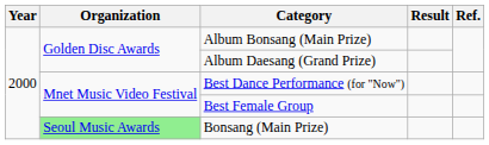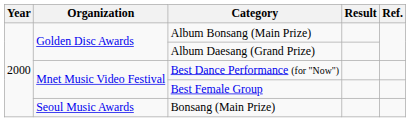 <table class="wikitable">
 <tr>
 <th>Year</th>
 <th>Organization</th>
 <th>Category</th>
 <th>Result</th>
 <th>Ref.</th>
 </tr>
 <tr>
 <td rowspan="5">2000</td>
 <td rowspan="2"><a href='#'>Golden Disc Awards</a></td>
 <td>Album Bonsang (Main Prize)</td>
 <td></td>
 <td rowspan="2" style="text-align:center"></td>
 </tr>
 <tr>
 <td>Album Daesang (Grand Prize)</td>
 <td></td>
 </tr>
 <tr>
 <td rowspan="2"><a href='#'>Mnet Music Video Festival</a></td>
 <td><a href='#'>Best Dance Performance</a> <small>(for "Now")</small></td>
 <td></td>
 <td></td>
 </tr>
 <tr>
 <td><a href='#'>Best Female Group</a></td>
 <td></td>
 <td style="text-align:center"></td>
 </tr>
 <tr>
-<td style="background: lightgreen;"><a href='#'>Seoul Music Awards</a></td>
+<td><a href='#'>Seoul Music Awards</a></td>
 <td>Bonsang (Main Prize)</td>
 <td></td>
 <td style="text-align:center"></td>
 </tr>
 </table>
